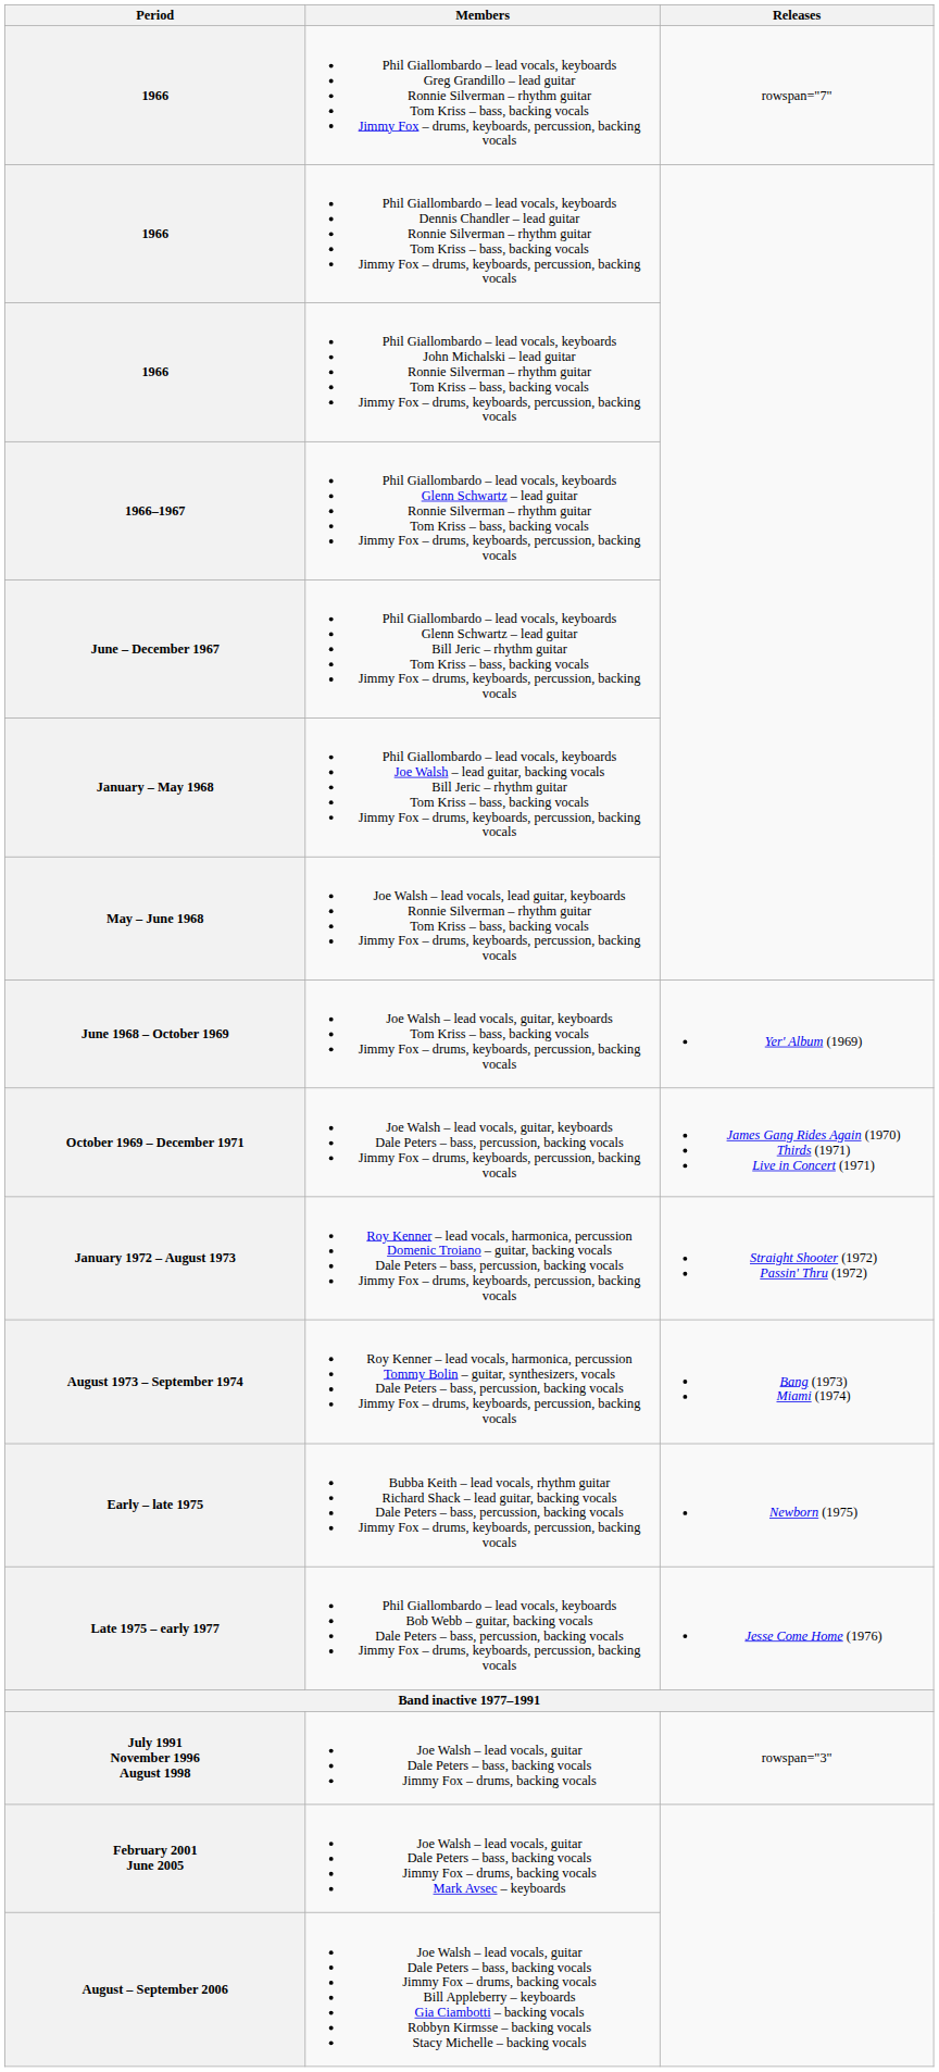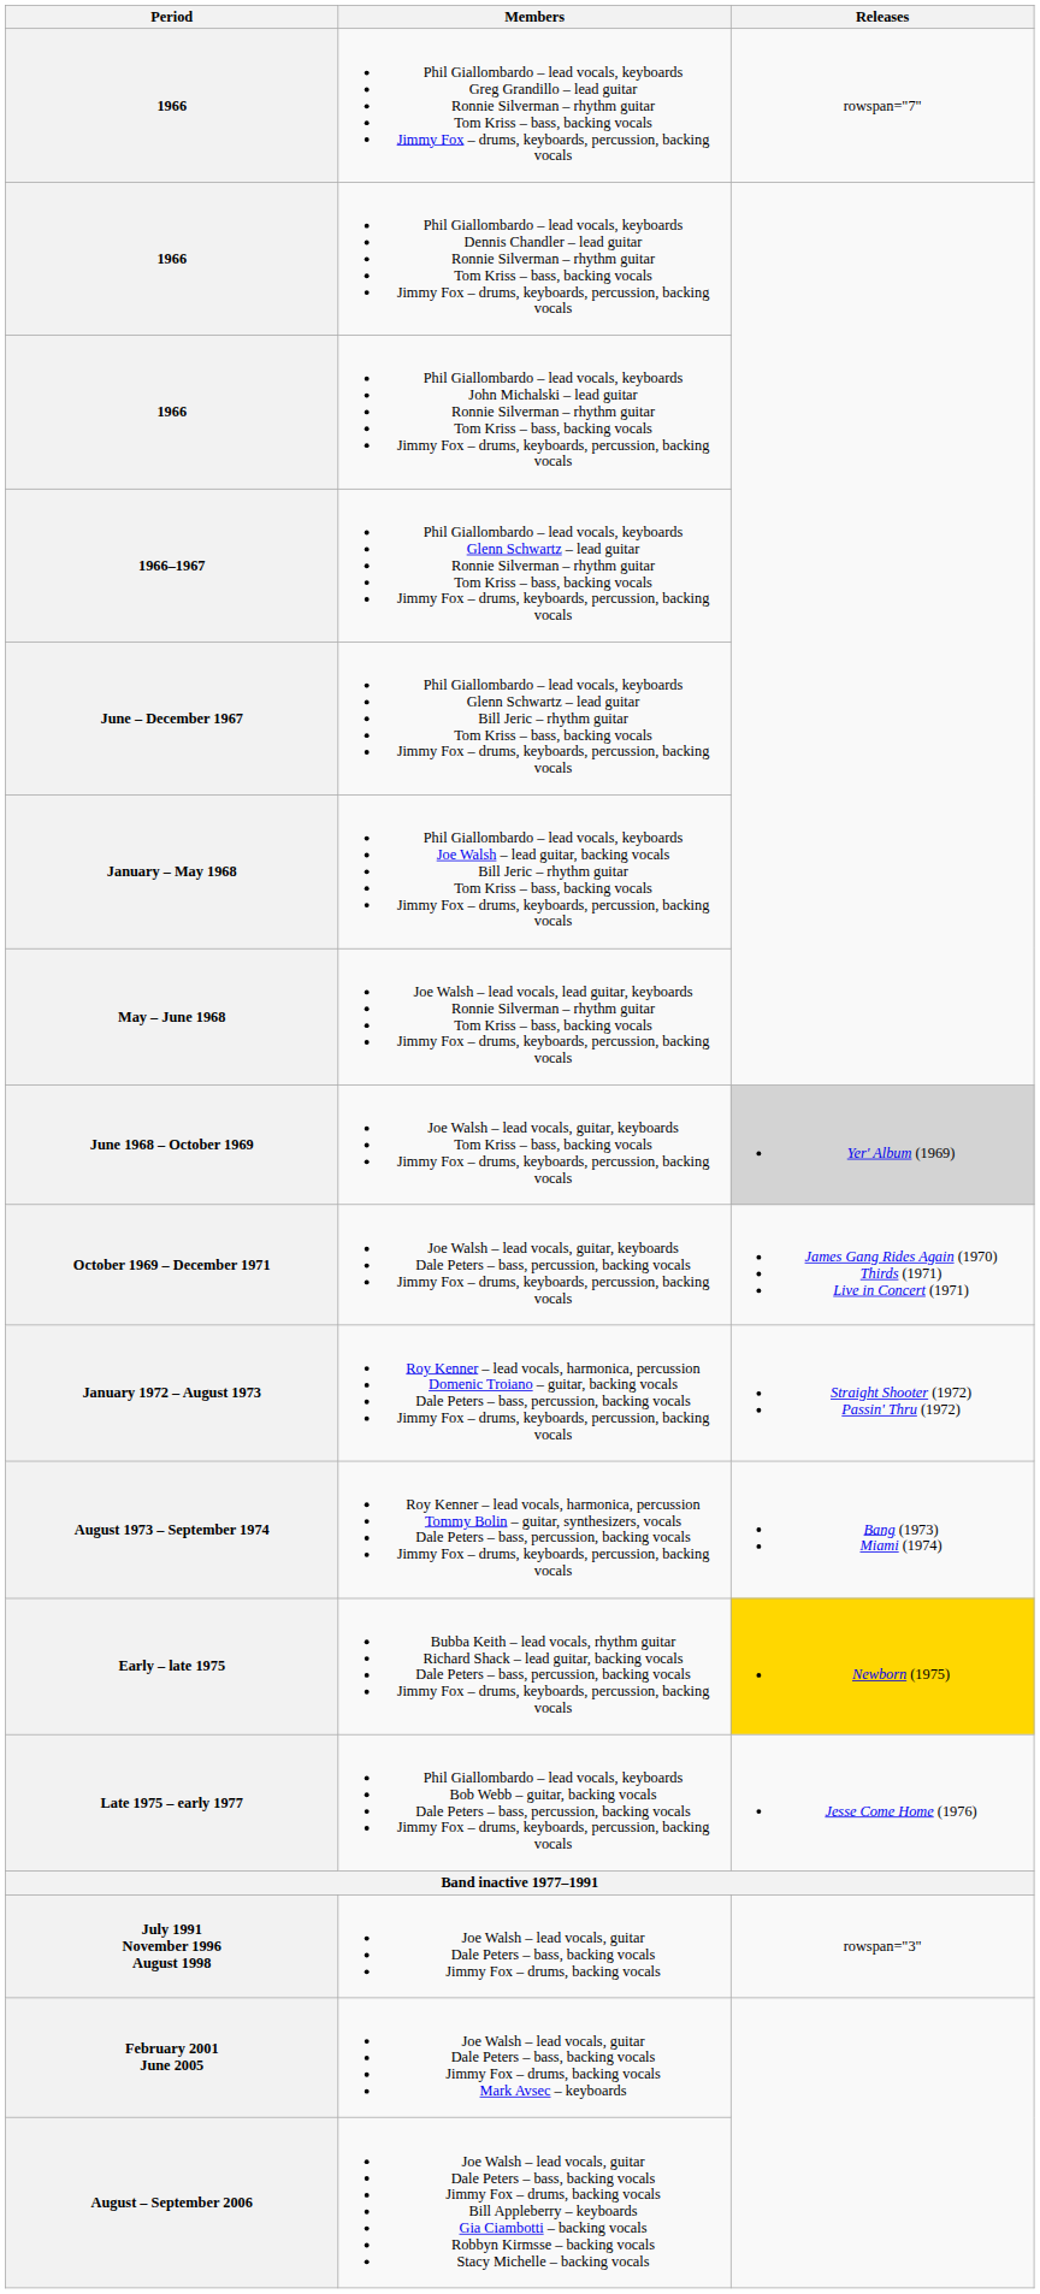 <table class="wikitable plainrowheaders" style="text-align:center;">
 <tr>
 <th scope="col" style="width:22em;">Period</th>
 <th scope="col" style="width:26em;">Members</th>
 <th scope="col" style="width:20em;">Releases</th>
 </tr>
 <tr>
 <th scope="col">1966</th>
 <td><br><ul><li>Phil Giallombardo – lead vocals, keyboards</li><li>Greg Grandillo – lead guitar</li><li>Ronnie Silverman – rhythm guitar</li><li>Tom Kriss – bass, backing vocals</li><li><a href='#'>Jimmy Fox</a> – drums, keyboards, percussion, backing vocals</li></ul></td>
 <td>rowspan="7" </td>
 </tr>
 <tr>
 <th scope="col">1966</th>
 <td><br><ul><li>Phil Giallombardo – lead vocals, keyboards</li><li>Dennis Chandler – lead guitar</li><li>Ronnie Silverman – rhythm guitar</li><li>Tom Kriss – bass, backing vocals</li><li>Jimmy Fox – drums, keyboards, percussion, backing vocals</li></ul></td>
 </tr>
 <tr>
 <th scope="col">1966</th>
 <td><br><ul><li>Phil Giallombardo – lead vocals, keyboards</li><li>John Michalski – lead guitar</li><li>Ronnie Silverman – rhythm guitar</li><li>Tom Kriss – bass, backing vocals</li><li>Jimmy Fox – drums, keyboards, percussion, backing vocals</li></ul></td>
 </tr>
 <tr>
 <th scope="col">1966–1967</th>
 <td><br><ul><li>Phil Giallombardo – lead vocals, keyboards</li><li><a href='#'>Glenn Schwartz</a> – lead guitar</li><li>Ronnie Silverman – rhythm guitar</li><li>Tom Kriss – bass, backing vocals</li><li>Jimmy Fox – drums, keyboards, percussion, backing vocals</li></ul></td>
 </tr>
 <tr>
 <th scope="col">June – December 1967</th>
 <td><br><ul><li>Phil Giallombardo – lead vocals, keyboards</li><li>Glenn Schwartz – lead guitar</li><li>Bill Jeric – rhythm guitar</li><li>Tom Kriss – bass, backing vocals</li><li>Jimmy Fox – drums, keyboards, percussion, backing vocals</li></ul></td>
 </tr>
 <tr>
 <th scope="col">January – May 1968</th>
 <td><br><ul><li>Phil Giallombardo – lead vocals, keyboards</li><li><a href='#'>Joe Walsh</a> – lead guitar, backing vocals</li><li>Bill Jeric – rhythm guitar</li><li>Tom Kriss – bass, backing vocals</li><li>Jimmy Fox – drums, keyboards, percussion, backing vocals</li></ul></td>
 </tr>
 <tr>
 <th scope="col">May – June 1968</th>
 <td><br><ul><li>Joe Walsh – lead vocals, lead guitar, keyboards</li><li>Ronnie Silverman – rhythm guitar</li><li>Tom Kriss – bass, backing vocals</li><li>Jimmy Fox – drums, keyboards, percussion, backing vocals</li></ul></td>
 </tr>
 <tr>
 <th scope="col">June 1968 – October 1969</th>
 <td><br><ul><li>Joe Walsh – lead vocals, guitar, keyboards</li><li>Tom Kriss – bass, backing vocals</li><li>Jimmy Fox – drums, keyboards, percussion, backing vocals</li></ul></td>
-<td><br><ul><li><em><a href='#'>Yer' Album</a></em> (1969)</li></ul></td>
+<td style="background: lightgrey;"><br><ul><li><em><a href='#'>Yer' Album</a></em> (1969)</li></ul></td>
 </tr>
 <tr>
 <th scope="col">October 1969 – December 1971</th>
 <td><br><ul><li>Joe Walsh – lead vocals, guitar, keyboards</li><li>Dale Peters – bass, percussion, backing vocals</li><li>Jimmy Fox – drums, keyboards, percussion, backing vocals</li></ul></td>
 <td><br><ul><li><em><a href='#'>James Gang Rides Again</a></em> (1970)</li><li><em><a href='#'>Thirds</a></em> (1971)</li><li><em><a href='#'>Live in Concert</a></em> (1971)</li></ul></td>
 </tr>
 <tr>
 <th scope="col">January 1972 – August 1973</th>
 <td><br><ul><li><a href='#'>Roy Kenner</a> – lead vocals, harmonica, percussion</li><li><a href='#'>Domenic Troiano</a> – guitar, backing vocals</li><li>Dale Peters – bass, percussion, backing vocals</li><li>Jimmy Fox – drums, keyboards, percussion, backing vocals</li></ul></td>
 <td><br><ul><li><em><a href='#'>Straight Shooter</a></em> (1972)</li><li><em><a href='#'>Passin' Thru</a></em> (1972)</li></ul></td>
 </tr>
 <tr>
 <th scope="col">August 1973 – September 1974</th>
 <td><br><ul><li>Roy Kenner – lead vocals, harmonica, percussion</li><li><a href='#'>Tommy Bolin</a> – guitar, synthesizers, vocals</li><li>Dale Peters – bass, percussion, backing vocals</li><li>Jimmy Fox – drums, keyboards, percussion, backing vocals</li></ul></td>
 <td><br><ul><li><em><a href='#'>Bang</a></em> (1973)</li><li><em><a href='#'>Miami</a></em> (1974)</li></ul></td>
 </tr>
 <tr>
 <th scope="col">Early – late 1975</th>
 <td><br><ul><li>Bubba Keith – lead vocals, rhythm guitar</li><li>Richard Shack – lead guitar, backing vocals</li><li>Dale Peters – bass, percussion, backing vocals</li><li>Jimmy Fox – drums, keyboards, percussion, backing vocals</li></ul></td>
-<td><br><ul><li><em><a href='#'>Newborn</a></em> (1975)</li></ul></td>
+<td style="background: gold;"><br><ul><li><em><a href='#'>Newborn</a></em> (1975)</li></ul></td>
 </tr>
 <tr>
 <th scope="col">Late 1975 – early 1977</th>
 <td><br><ul><li>Phil Giallombardo – lead vocals, keyboards</li><li>Bob Webb – guitar, backing vocals</li><li>Dale Peters – bass, percussion, backing vocals</li><li>Jimmy Fox – drums, keyboards, percussion, backing vocals</li></ul></td>
 <td><br><ul><li><em><a href='#'>Jesse Come Home</a></em> (1976)</li></ul></td>
 </tr>
 <tr>
 <th scope="col" colspan="3">Band inactive 1977–1991</th>
 </tr>
 <tr>
 <th scope="col">July 1991<br>November 1996<br>August 1998</th>
 <td><br><ul><li>Joe Walsh – lead vocals, guitar</li><li>Dale Peters – bass, backing vocals</li><li>Jimmy Fox – drums, backing vocals</li></ul></td>
 <td>rowspan="3" </td>
 </tr>
 <tr>
 <th scope="col">February 2001<br>June 2005</th>
 <td><br><ul><li>Joe Walsh – lead vocals, guitar</li><li>Dale Peters – bass, backing vocals</li><li>Jimmy Fox – drums, backing vocals</li><li><a href='#'>Mark Avsec</a> – keyboards </li></ul></td>
 </tr>
 <tr>
 <th scope="col">August – September 2006</th>
 <td><br><ul><li>Joe Walsh – lead vocals, guitar</li><li>Dale Peters – bass, backing vocals</li><li>Jimmy Fox – drums, backing vocals</li><li>Bill Appleberry – keyboards </li><li><a href='#'>Gia Ciambotti</a> – backing vocals </li><li>Robbyn Kirmsse – backing vocals </li><li>Stacy Michelle – backing vocals </li></ul></td>
 </tr>
 </table>
